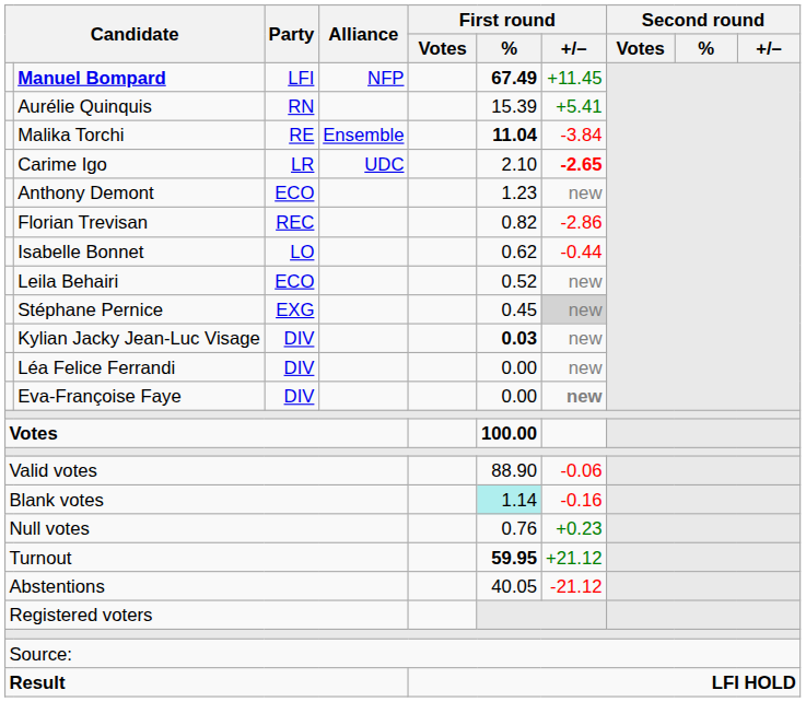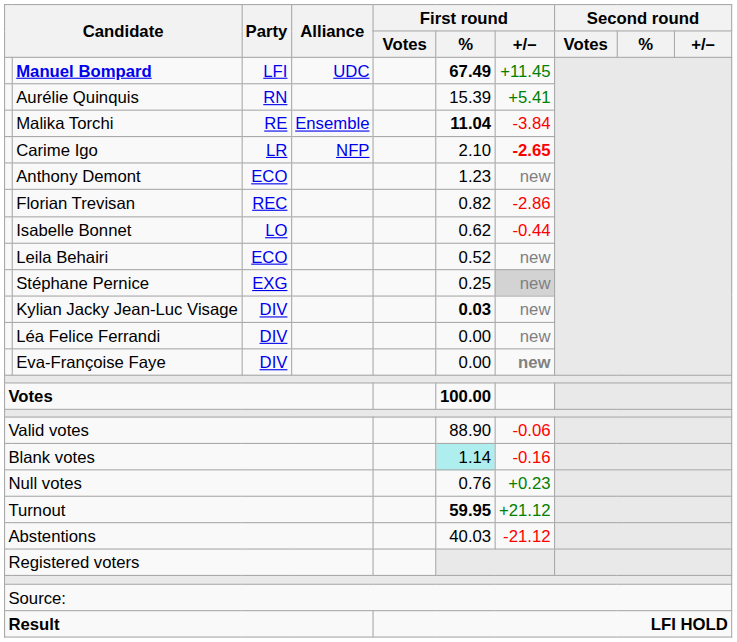 <table class="wikitable" style="text-align:right;font-size:95%;">
 <tr>
 <th rowspan="2" colspan="2">Candidate</th>
 <th colspan="1" rowspan="2">Party</th>
 <th colspan="1" rowspan="2">Alliance</th>
 <th colspan="3">First round</th>
 <th colspan="3">Second round</th>
 </tr>
 <tr>
 <th style="width:50px;">Votes</th>
 <th style="width:45px;">%</th>
 <th style="width:45px;">+/–</th>
 <th style="width:50px;">Votes</th>
 <th style="width:45px;">%</th>
 <th style="width:45px;">+/–</th>
 </tr>
 <tr>
 <td style="color:inherit;background:"></td>
 <td style="text-align:left;"><strong><a href='#'>Manuel Bompard</a></strong></td>
 <td><a href='#'>LFI</a></td>
-<td><a href='#'>NFP</a></td>
+<td><a href='#'>UDC</a></td>
 <td><strong></strong></td>
 <td><strong>67.49</strong></td>
 <td style="color:green;">+11.45</td>
 <td colspan="3" rowspan="12" style="background:#E9E9E9;"></td>
 </tr>
 <tr>
 <td style="color:inherit;background:"></td>
 <td style="text-align:left;">Aurélie Quinquis</td>
 <td><a href='#'>RN</a></td>
 <td></td>
 <td></td>
 <td>15.39</td>
 <td style="color:green;">+5.41</td>
 </tr>
 <tr>
 <td style="color:inherit;background:"></td>
 <td style="text-align:left;">Malika Torchi</td>
 <td><a href='#'>RE</a></td>
 <td><a href='#'>Ensemble</a></td>
 <td></td>
 <td><strong>11.04</strong></td>
 <td style="color:red;">-3.84</td>
 </tr>
 <tr>
 <td style="color:inherit;background:"></td>
 <td style="text-align:left;">Carime Igo</td>
 <td><a href='#'>LR</a></td>
-<td><a href='#'>UDC</a></td>
+<td><a href='#'>NFP</a></td>
 <td></td>
 <td>2.10</td>
 <td style="color:red;"><strong>-2.65</strong></td>
 </tr>
 <tr>
 <td style="color:inherit;background:"></td>
 <td style="text-align:left;">Anthony Demont</td>
 <td><a href='#'>ECO</a></td>
 <td></td>
 <td></td>
 <td>1.23</td>
 <td style="color:grey;">new</td>
 </tr>
 <tr>
 <td style="color:inherit;background:"></td>
 <td style="text-align:left;">Florian Trevisan</td>
 <td><a href='#'>REC</a></td>
 <td></td>
 <td></td>
 <td>0.82</td>
 <td style="color:red;">-2.86</td>
 </tr>
 <tr>
 <td style="color:inherit;background:"></td>
 <td style="text-align:left;">Isabelle Bonnet</td>
 <td><a href='#'>LO</a></td>
 <td></td>
 <td></td>
 <td>0.62</td>
 <td style="color:red;">-0.44</td>
 </tr>
 <tr>
 <td style="color:inherit;background:"></td>
 <td style="text-align:left;">Leila Behairi</td>
 <td><a href='#'>ECO</a></td>
 <td></td>
 <td></td>
 <td>0.52</td>
 <td style="color:grey;">new</td>
 </tr>
 <tr>
 <td style="color:inherit;background:"></td>
 <td style="text-align:left;">Stéphane Pernice</td>
 <td><a href='#'>EXG</a></td>
 <td></td>
 <td></td>
-<td>0.45</td>
+<td>0.25</td>
 <td style="background: lightgrey; color:grey;">new</td>
 </tr>
 <tr>
 <td style="color:inherit;background:"></td>
 <td style="text-align:left;">Kylian Jacky Jean-Luc Visage</td>
 <td><a href='#'>DIV</a></td>
 <td></td>
 <td></td>
 <td><strong>0.03</strong></td>
 <td style="color:grey;">new</td>
 </tr>
 <tr>
 <td style="color:inherit;background:"></td>
 <td style="text-align:left;">Léa Felice Ferrandi</td>
 <td><a href='#'>DIV</a></td>
 <td></td>
 <td></td>
 <td>0.00</td>
 <td style="color:grey;">new</td>
 </tr>
 <tr>
 <td style="color:inherit;background:"></td>
 <td style="text-align:left;">Eva-Françoise Faye</td>
 <td><a href='#'>DIV</a></td>
 <td></td>
 <td></td>
 <td>0.00</td>
 <td style="color:grey;"><strong>new</strong></td>
 </tr>
 <tr>
 <td colspan="10" style="background:#E9E9E9;"></td>
 </tr>
 <tr style="font-weight:bold;">
 <td colspan="4" style="text-align:left;">Votes</td>
 <td></td>
 <td>100.00</td>
 <td></td>
 <td colspan="3" rowspan="1" style="background:#E9E9E9;"></td>
 </tr>
 <tr>
 <td colspan="10" style="background:#E9E9E9;"></td>
 </tr>
 <tr>
 <td colspan="4" style="text-align:left;">Valid votes</td>
 <td></td>
 <td>88.90</td>
 <td style="color:red;">-0.06</td>
 <td colspan="3" rowspan="1" style="background:#E9E9E9;"></td>
 </tr>
 <tr>
 <td colspan="4" style="text-align:left;">Blank votes</td>
 <td></td>
 <td style="background: paleturquoise;">1.14</td>
 <td style="color:red;">-0.16</td>
 <td colspan="3" rowspan="1" style="background:#E9E9E9;"></td>
 </tr>
 <tr>
 <td colspan="4" style="text-align:left;">Null votes</td>
 <td></td>
 <td>0.76</td>
 <td style="color:green;">+0.23</td>
 <td colspan="3" rowspan="1" style="background:#E9E9E9;"></td>
 </tr>
 <tr>
 <td colspan="4" style="text-align:left;">Turnout</td>
 <td></td>
 <td><strong>59.95</strong></td>
 <td style="color:green;">+21.12</td>
 <td colspan="3" rowspan="1" style="background:#E9E9E9;"></td>
 </tr>
 <tr>
 <td colspan="4" style="text-align:left;">Abstentions</td>
 <td></td>
-<td>40.05</td>
+<td>40.03</td>
 <td style="color:red;">-21.12</td>
 <td colspan="3" rowspan="1" style="background:#E9E9E9;"></td>
 </tr>
 <tr>
 <td colspan="4" style="text-align:left;">Registered voters</td>
 <td></td>
 <td colspan="2" style="background:#E9E9E9;"></td>
 <td colspan="3" rowspan="1" style="background:#E9E9E9;"></td>
 </tr>
 <tr>
 <td colspan="10" style="background:#E9E9E9;"></td>
 </tr>
 <tr>
 <td colspan="10" style="text-align:left;">Source: </td>
 </tr>
 <tr style="font-weight:bold">
 <td colspan="4" style="text-align:left;">Result</td>
 <td colspan="6" style="background-color:">LFI HOLD</td>
 </tr>
 </table>
